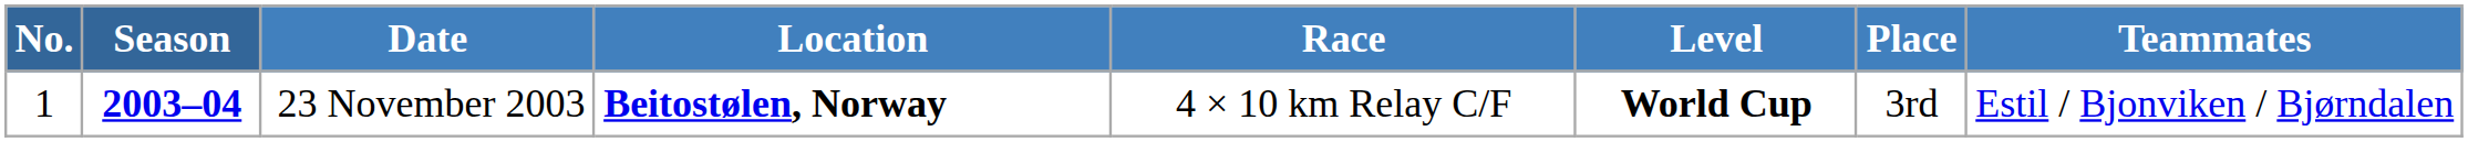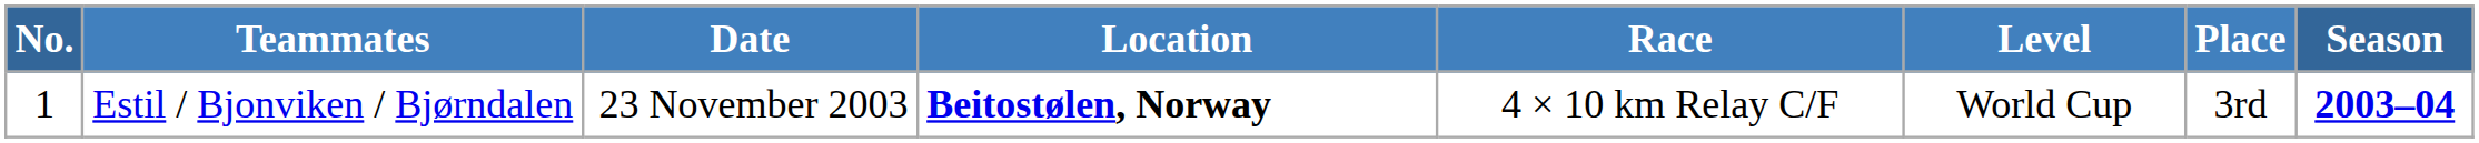 <table class="wikitable sortable" style="font-size:95%; text-align:center; border:grey solid 1px; border-collapse:collapse; background:#ffffff;">
 <tr style="background:#efefef;">
 <th style="background-color:#369; color:white;">No.</th>
-<th style="background-color:#369; color:white;">Season</th>
+<th style="background-color:#4180be; color:white;">Teammates</th>
 <th style="background-color:#4180be; color:white; width:120px;">Date</th>
 <th style="background-color:#4180be; color:white; width:190px;">Location</th>
 <th style="background-color:#4180be; color:white; width:170px;">Race</th>
 <th style="background-color:#4180be; color:white; width:100px;">Level</th>
 <th style="background-color:#4180be; color:white;">Place</th>
-<th style="background-color:#4180be; color:white;">Teammates</th>
+<th style="background-color:#369; color:white;">Season</th>
 </tr>
 <tr>
 <td align=center>1</td>
-<td rowspan=1 align=center><strong> <a href='#'>2003–04</a> </strong></td>
+<td><a href='#'>Estil</a> / <a href='#'>Bjonviken</a> / <a href='#'>Bjørndalen</a></td>
 <td align=right>23 November 2003</td>
 <td align=left><strong> <a href='#'>Beitostølen</a>, Norway</strong></td>
 <td>4 × 10 km Relay C/F</td>
-<td><strong>World Cup</strong></td>
+<td>World Cup</td>
 <td>3rd</td>
-<td><a href='#'>Estil</a> / <a href='#'>Bjonviken</a> / <a href='#'>Bjørndalen</a></td>
+<td rowspan=1 align=center><strong> <a href='#'>2003–04</a> </strong></td>
 </tr>
 </table>
